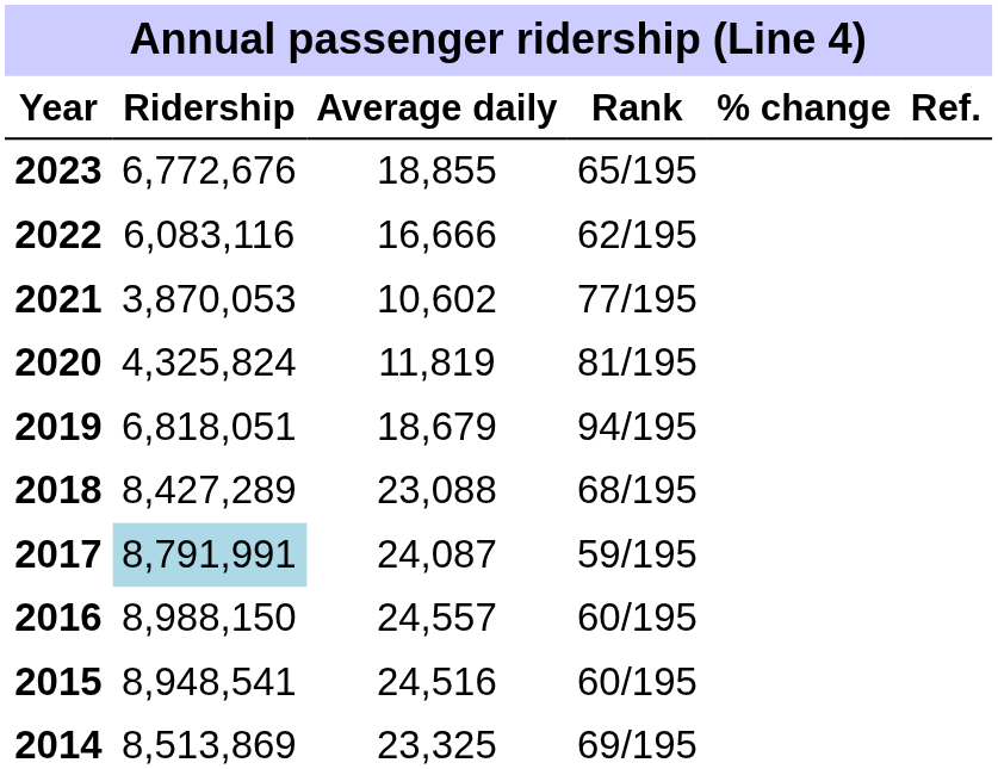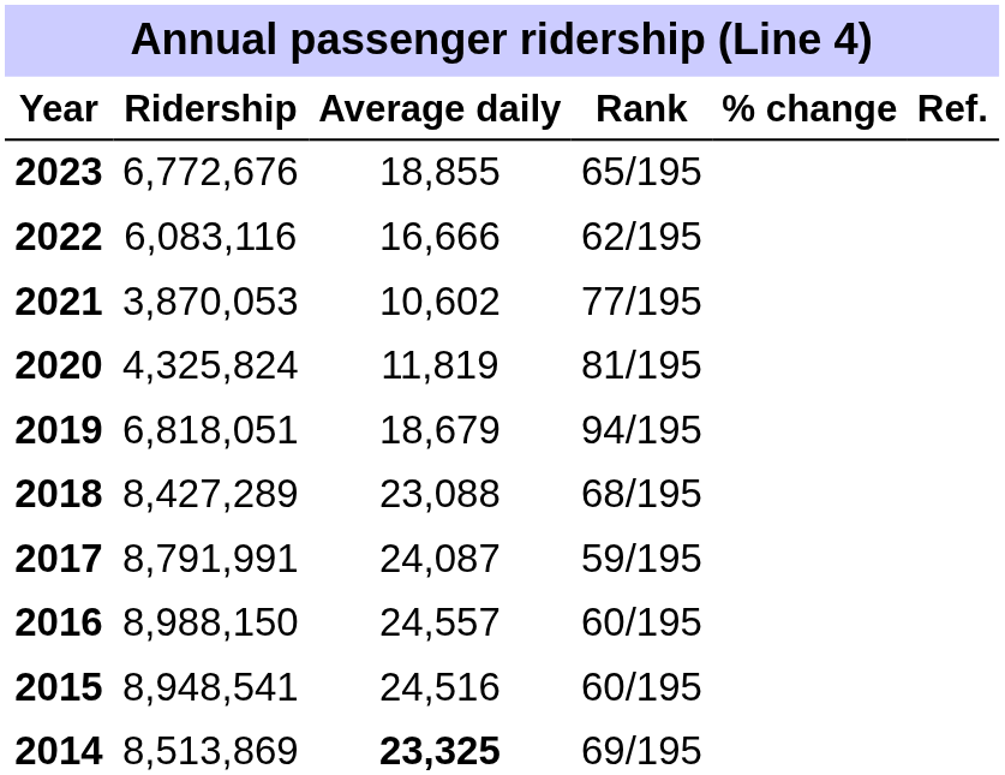 <table class="toccolours" cellpadding="4" cellspacing="0" style="text-align:right;">
 <tr>
 <th colspan="6"  style="background-color:#ccf; background-color:#ccf; font-size:110%; text-align:center;">Annual passenger ridership (Line 4)</th>
 </tr>
 <tr style="font-size:95%; text-align:center">
 <th style="border-bottom:1px solid black">Year</th>
 <th style="border-bottom:1px solid black">Ridership</th>
 <th style="border-bottom:1px solid black">Average daily</th>
 <th style="border-bottom:1px solid black">Rank</th>
 <th style="border-bottom:1px solid black">% change</th>
 <th style="border-bottom:1px solid black">Ref.</th>
 </tr>
 <tr style="text-align:center;">
 <td><strong>2023</strong></td>
 <td>6,772,676</td>
 <td>18,855</td>
 <td>65/195</td>
 <td></td>
 <td></td>
 </tr>
 <tr style="text-align:center;">
 <td><strong>2022</strong></td>
 <td>6,083,116</td>
 <td>16,666</td>
 <td>62/195</td>
 <td></td>
 <td></td>
 </tr>
 <tr style="text-align:center;">
 <td><strong>2021</strong></td>
 <td>3,870,053</td>
 <td>10,602</td>
 <td>77/195</td>
 <td></td>
 <td></td>
 </tr>
 <tr style="text-align:center;">
 <td><strong>2020</strong></td>
 <td>4,325,824</td>
 <td>11,819</td>
 <td>81/195</td>
 <td></td>
 <td></td>
 </tr>
 <tr style="text-align:center;">
 <td><strong>2019</strong></td>
 <td>6,818,051</td>
 <td>18,679</td>
 <td>94/195</td>
 <td></td>
 <td></td>
 </tr>
 <tr style="text-align:center;">
 <td><strong>2018</strong></td>
 <td>8,427,289</td>
 <td>23,088</td>
 <td>68/195</td>
 <td></td>
 <td></td>
 </tr>
 <tr style="text-align:center;">
 <td><strong>2017</strong></td>
-<td style="background: lightblue;">8,791,991</td>
+<td>8,791,991</td>
 <td>24,087</td>
 <td>59/195</td>
 <td></td>
 <td></td>
 </tr>
 <tr style="text-align:center;">
 <td><strong>2016</strong></td>
 <td>8,988,150</td>
 <td>24,557</td>
 <td>60/195</td>
 <td></td>
 <td></td>
 </tr>
 <tr style="text-align:center;">
 <td><strong>2015</strong></td>
 <td>8,948,541</td>
 <td>24,516</td>
 <td>60/195</td>
 <td></td>
 <td></td>
 </tr>
 <tr style="text-align:center;">
 <td><strong>2014</strong></td>
 <td>8,513,869</td>
-<td>23,325</td>
+<td><strong>23,325</strong></td>
 <td>69/195</td>
 <td></td>
 <td></td>
 </tr>
 </table>
